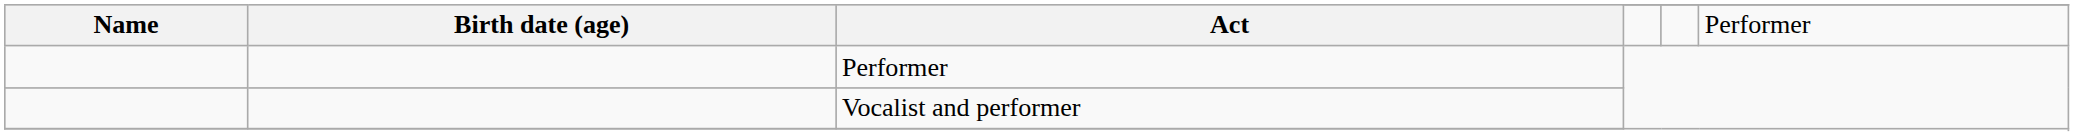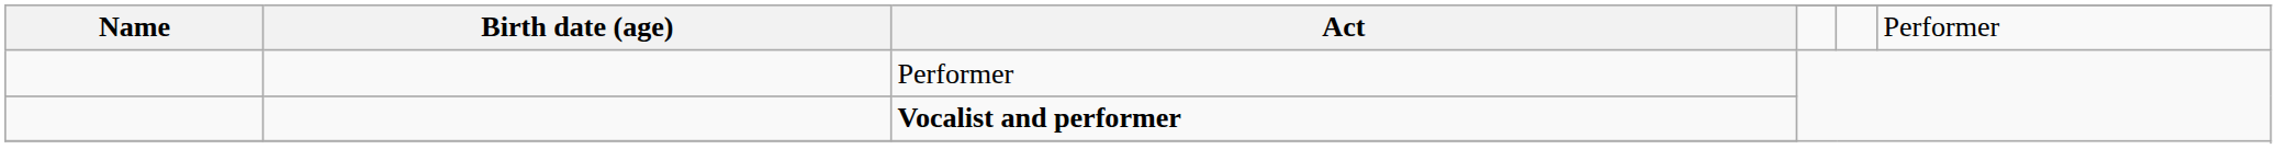 <table class="wikitable sortable"  style="text-align:center; width:80%;">
 <tr>
 <th rowspan="2">Name</th>
 <th rowspan="2">Birth date (age)</th>
 <th rowspan="2">Act</th>
 </tr>
 <tr>
 <td style="text-align:left;" data-sort-value="Anna Ishii"></td>
 <td style="text-align:left;"></td>
 <td style="text-align:left;">Performer</td>
 </tr>
 <tr>
 <td style="text-align:left;" data-sort-value="Nonoka Yamaguchi"></td>
 <td style="text-align:left;"></td>
 <td style="text-align:left;">Performer</td>
 </tr>
 <tr>
 <td style="text-align:left;" data-sort-value="Yuzuna Takabe"></td>
 <td style="text-align:left;"></td>
-<td style="text-align:left;">Vocalist and performer</td>
+<td style="text-align:left;"><strong>Vocalist and performer</strong></td>
 </tr>
 <tr>
 </tr>
 </table>
